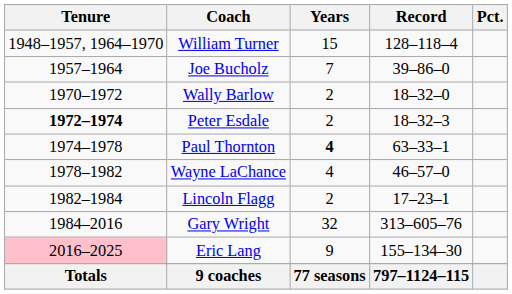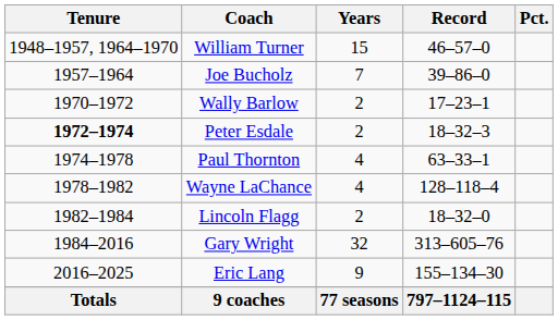 <table class="wikitable">
 <tr>
 <th>Tenure</th>
 <th>Coach</th>
 <th>Years</th>
 <th>Record</th>
 <th>Pct.</th>
 </tr>
 <tr align="center">
 <td>1948–1957, 1964–1970</td>
 <td><a href='#'>William Turner</a></td>
 <td>15</td>
-<td>128–118–4</td>
+<td>46–57–0</td>
 <td></td>
 </tr>
 <tr align="center">
 <td>1957–1964</td>
 <td><a href='#'>Joe Bucholz</a></td>
 <td>7</td>
 <td>39–86–0</td>
 <td></td>
 </tr>
 <tr align="center">
 <td>1970–1972</td>
 <td><a href='#'>Wally Barlow</a></td>
 <td>2</td>
-<td>18–32–0</td>
+<td>17–23–1</td>
 <td></td>
 </tr>
 <tr align="center">
 <td><strong>1972–1974</strong></td>
 <td><a href='#'>Peter Esdale</a></td>
 <td>2</td>
 <td>18–32–3</td>
 <td></td>
 </tr>
 <tr align="center">
 <td>1974–1978</td>
 <td><a href='#'>Paul Thornton</a></td>
-<td><strong>4</strong></td>
+<td>4</td>
 <td>63–33–1</td>
 <td></td>
 </tr>
 <tr align="center">
 <td>1978–1982</td>
 <td><a href='#'>Wayne LaChance</a></td>
 <td>4</td>
-<td>46–57–0</td>
+<td>128–118–4</td>
 <td></td>
 </tr>
 <tr align="center">
 <td>1982–1984</td>
 <td><a href='#'>Lincoln Flagg</a></td>
 <td>2</td>
-<td>17–23–1</td>
+<td>18–32–0</td>
 <td></td>
 </tr>
 <tr align="center">
 <td>1984–2016</td>
 <td><a href='#'>Gary Wright</a></td>
 <td>32</td>
 <td>313–605–76</td>
 <td></td>
 </tr>
 <tr align="center">
-<td style="background: pink;">2016–2025</td>
+<td>2016–2025</td>
 <td><a href='#'>Eric Lang</a></td>
 <td>9</td>
 <td>155–134–30</td>
 <td></td>
 </tr>
 <tr align="center">
 </tr>
 <tr align=center>
 <th>Totals</th>
 <th>9 coaches</th>
 <th>77 seasons</th>
 <th>797–1124–115</th>
 <th></th>
 </tr>
 </table>
